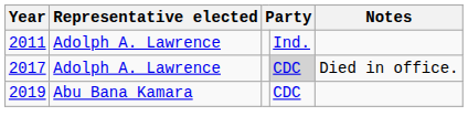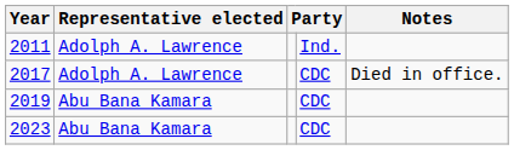 <table class="wikitable">
 <tr>
 <th>Year</th>
 <th>Representative elected</th>
 <th colspan=2>Party</th>
 <th>Notes</th>
 </tr>
 <tr>
 <td><a href='#'>2011</a></td>
 <td><a href='#'>Adolph A. Lawrence</a></td>
 <td></td>
 <td><a href='#'>Ind.</a></td>
 <td></td>
 </tr>
 <tr>
 <td><a href='#'>2017</a></td>
 <td><a href='#'>Adolph A. Lawrence</a></td>
 <td></td>
-<td style="background: lightgrey;"><a href='#'>CDC</a></td>
+<td><a href='#'>CDC</a></td>
 <td>Died in office.</td>
 </tr>
 <tr>
 <td><a href='#'>2019</a></td>
 <td><a href='#'>Abu Bana Kamara</a></td>
 <td></td>
 <td><a href='#'>CDC</a></td>
 <td></td>
 </tr>
+<tr>
+<td><a href='#'>2023</a></td>
+<td><a href='#'>Abu Bana Kamara</a></td>
+<td></td>
+<td><a href='#'>CDC</a></td>
+<td></td>
+</tr>
 </table>
